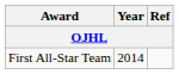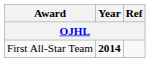 <table class="wikitable">
 <tr>
 <th>Award</th>
 <th>Year</th>
 <th>Ref</th>
 </tr>
 <tr>
 <th colspan="3"><a href='#'>OJHL</a></th>
 </tr>
 <tr>
 <td>First All-Star Team</td>
-<td>2014</td>
+<td><strong>2014</strong></td>
 <td></td>
 </tr>
 </table>
